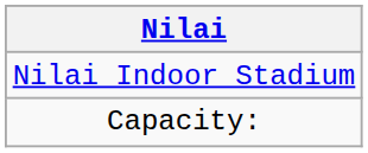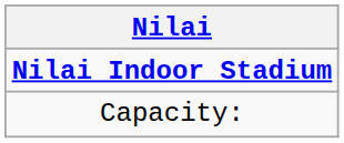 <table class="wikitable" style="text-align:center;">
 <tr>
 <th><a href='#'>Nilai</a></th>
 </tr>
 <tr>
-<td><a href='#'>Nilai Indoor Stadium</a></td>
+<td><strong><a href='#'>Nilai Indoor Stadium</a></strong></td>
 </tr>
 <tr>
 <td>Capacity:</td>
 </tr>
 </table>
